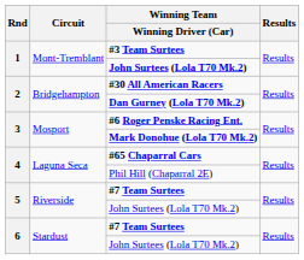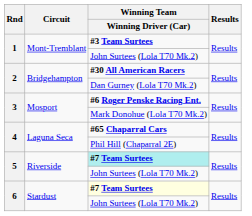 <table class="wikitable" style="font-size: 90%;">
 <tr>
 <th rowspan=2>Rnd</th>
 <th rowspan=2>Circuit</th>
 <th>Winning Team</th>
 <th rowspan=2>Results</th>
 </tr>
 <tr>
 <th>Winning Driver (Car)</th>
 </tr>
 <tr>
 <th rowspan=2>1</th>
 <td rowspan=2><a href='#'>Mont-Tremblant</a></td>
 <td><strong> #3 <a href='#'>Team Surtees</a></strong></td>
 <td rowspan=2><a href='#'>Results</a></td>
 </tr>
 <tr>
-<td><strong> <a href='#'>John Surtees</a> (<a href='#'>Lola T70 Mk.2</a>)</strong></td>
+<td> <a href='#'>John Surtees</a> (<a href='#'>Lola T70 Mk.2</a>)</td>
 </tr>
 <tr>
 <th rowspan=2>2</th>
 <td rowspan=2><a href='#'>Bridgehampton</a></td>
 <td><strong> #30 <a href='#'>All American Racers</a></strong></td>
 <td rowspan=2><a href='#'>Results</a></td>
 </tr>
 <tr>
-<td><strong> <a href='#'>Dan Gurney</a> (<a href='#'>Lola T70 Mk.2</a>)</strong></td>
+<td> <a href='#'>Dan Gurney</a> (<a href='#'>Lola T70 Mk.2</a>)</td>
 </tr>
 <tr>
 <th rowspan=2>3</th>
 <td rowspan=2><a href='#'>Mosport</a></td>
 <td><strong> #6 <a href='#'>Roger Penske Racing Ent.</a></strong></td>
 <td rowspan=2><a href='#'>Results</a></td>
 </tr>
 <tr>
-<td><strong> <a href='#'>Mark Donohue</a> (<a href='#'>Lola T70 Mk.2</a>)</strong></td>
+<td> <a href='#'>Mark Donohue</a> (<a href='#'>Lola T70 Mk.2</a>)</td>
 </tr>
 <tr>
 <th rowspan=2>4</th>
 <td rowspan=2><a href='#'>Laguna Seca</a></td>
 <td><strong> #65 <a href='#'>Chaparral Cars</a></strong></td>
 <td rowspan=2><a href='#'>Results</a></td>
 </tr>
 <tr>
 <td> <a href='#'>Phil Hill</a> (<a href='#'>Chaparral 2E</a>)</td>
 </tr>
 <tr>
 <th rowspan=2>5</th>
 <td rowspan=2><a href='#'>Riverside</a></td>
-<td><strong> #7 <a href='#'>Team Surtees</a></strong></td>
+<td style="background: paleturquoise;"><strong> #7 <a href='#'>Team Surtees</a></strong></td>
 <td rowspan=2><a href='#'>Results</a></td>
 </tr>
 <tr>
 <td> <a href='#'>John Surtees</a> (<a href='#'>Lola T70 Mk.2</a>)</td>
 </tr>
 <tr>
 <th rowspan=2>6</th>
 <td rowspan=2><a href='#'>Stardust</a></td>
-<td><strong> #7 <a href='#'>Team Surtees</a></strong></td>
+<td style="background: lightyellow;"><strong> #7 <a href='#'>Team Surtees</a></strong></td>
 <td rowspan=2><a href='#'>Results</a></td>
 </tr>
 <tr>
 <td> <a href='#'>John Surtees</a> (<a href='#'>Lola T70 Mk.2</a>)</td>
 </tr>
 </table>
